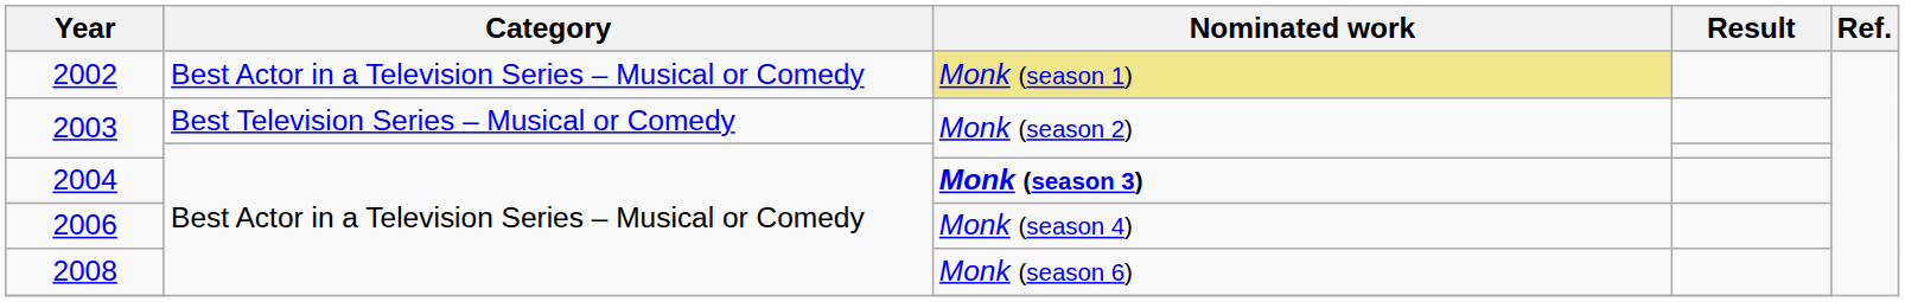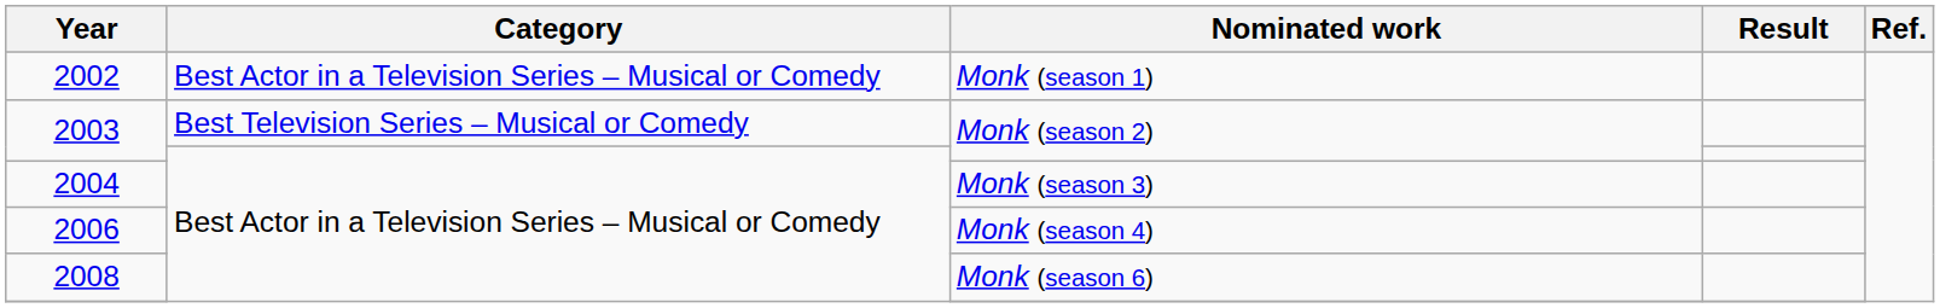 <table class="wikitable plainrowheaders">
 <tr>
 <th scope="col" style="width:5em;">Year</th>
 <th scope="col" style="width:26em;">Category</th>
 <th scope="col" style="width:25em;">Nominated work</th>
 <th scope="col" style="width:5em;">Result</th>
 <th>Ref.</th>
 </tr>
 <tr>
 <td style="text-align:center;"><a href='#'>2002</a></td>
 <td><a href='#'>Best Actor in a Television Series – Musical or Comedy</a></td>
-<td style="background: khaki;"><em><a href='#'>Monk</a></em> <small> (<a href='#'>season 1</a>) </small></td>
+<td><em><a href='#'>Monk</a></em> <small> (<a href='#'>season 1</a>) </small></td>
 <td></td>
 <td rowspan="7"></td>
 </tr>
 <tr>
 <td style="text-align:center;", rowspan="2"><a href='#'>2003</a></td>
 <td><a href='#'>Best Television Series – Musical or Comedy</a> </td>
 <td rowspan=2><em><a href='#'>Monk</a></em> <small> (<a href='#'>season 2</a>) </small></td>
 <td></td>
 </tr>
 <tr>
 <td rowspan="5">Best Actor in a Television Series – Musical or Comedy</td>
 <td></td>
 </tr>
 <tr>
 <td style="text-align:center;"><a href='#'>2004</a></td>
-<td><strong><em><a href='#'>Monk</a></em> <small> (<a href='#'>season 3</a>) </small></strong></td>
+<td><em><a href='#'>Monk</a></em> <small> (<a href='#'>season 3</a>) </small></td>
 <td></td>
 </tr>
 <tr>
 <td style="text-align:center;"><a href='#'>2006</a></td>
 <td><em><a href='#'>Monk</a></em> <small> (<a href='#'>season 4</a>) </small></td>
 <td></td>
 </tr>
 <tr>
 <td style="text-align:center;"><a href='#'>2008</a></td>
 <td><em><a href='#'>Monk</a></em> <small> (<a href='#'>season 6</a>) </small></td>
 <td></td>
 </tr>
 <tr>
 </tr>
 </table>
